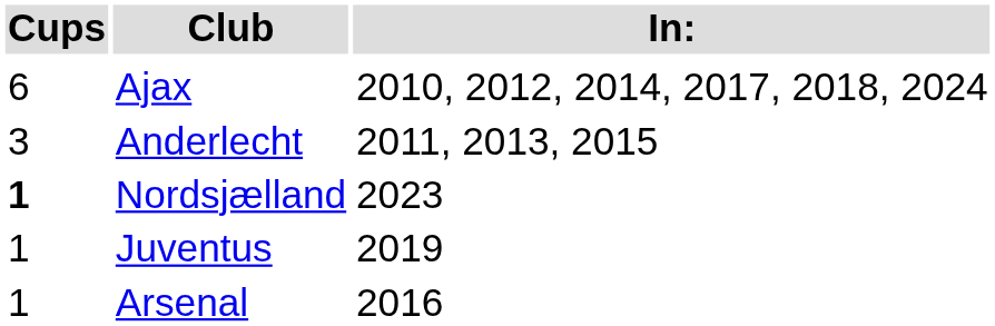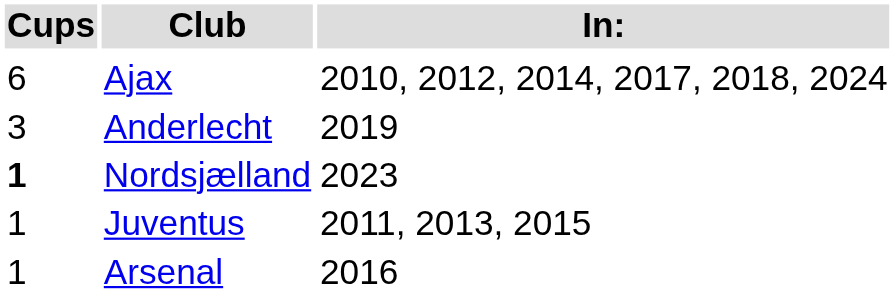 <table class="toccolours" style="margin: 0 2em 0 2em;">
 <tr>
 <th bgcolor=DDDDDD><strong>Cups</strong></th>
 <th bgcolor=DDDDDD><strong>Club</strong></th>
 <th bgcolor=DDDDDD><strong>In:</strong></th>
 </tr>
 <tr>
 </tr>
 <tr>
 <td>6</td>
 <td> <a href='#'>Ajax</a></td>
 <td>2010, 2012, 2014, 2017, 2018, 2024</td>
 </tr>
 <tr>
 <td>3</td>
 <td> <a href='#'>Anderlecht</a></td>
-<td>2011, 2013, 2015</td>
+<td>2019</td>
 </tr>
 <tr>
 <td><strong>1</strong></td>
 <td> <a href='#'>Nordsjælland</a></td>
 <td>2023</td>
 </tr>
 <tr>
 <td>1</td>
 <td> <a href='#'>Juventus</a></td>
-<td>2019</td>
+<td>2011, 2013, 2015</td>
 </tr>
 <tr>
 <td>1</td>
 <td> <a href='#'>Arsenal</a></td>
 <td>2016</td>
 </tr>
 </table>
